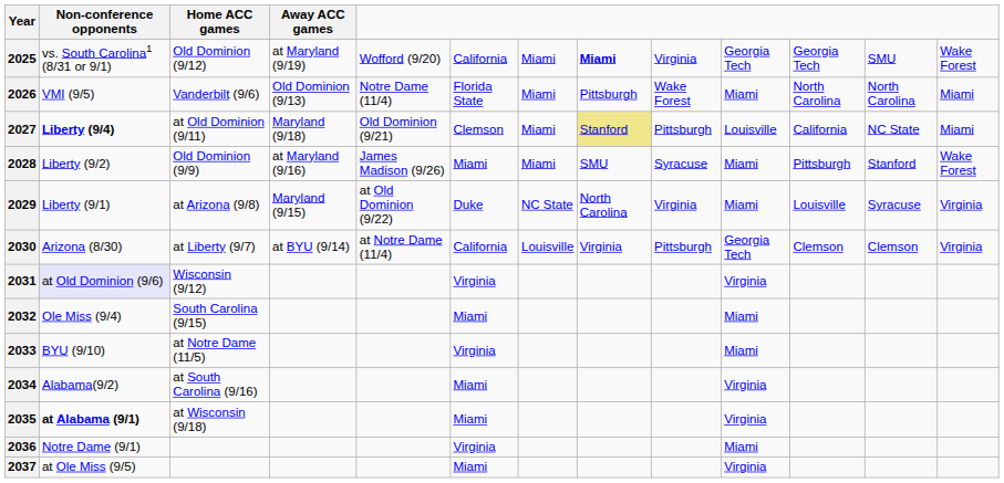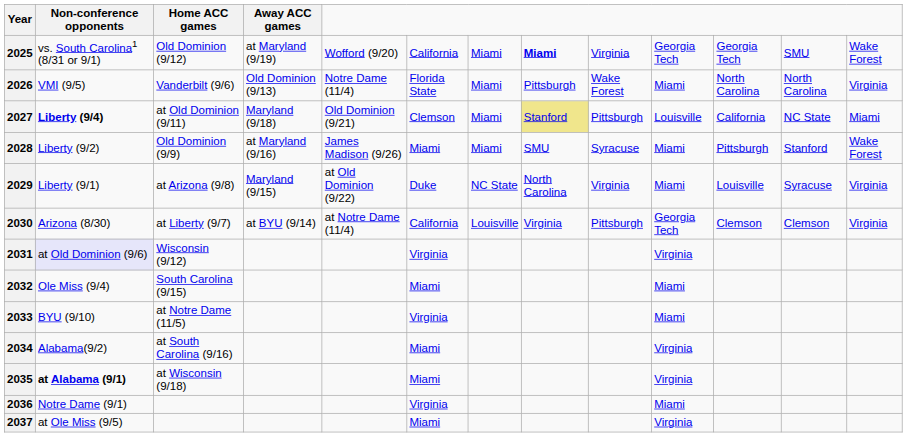 <table class="wikitable">
 <tr>
 <th style="background:#">Year</th>
 <th style="background:#">Non-conference opponents</th>
 <th style="background:#">Home ACC games</th>
 <th style="background:#">Away ACC games</th>
 </tr>
 <tr>
 <th style="background:#">2025</th>
 <td>vs. <a href='#'>South Carolina</a><sup>1</sup> (8/31 or 9/1)</td>
 <td><a href='#'>Old Dominion</a> (9/12)</td>
 <td>at <a href='#'>Maryland</a> (9/19)</td>
 <td><a href='#'>Wofford</a> (9/20)</td>
 <td><a href='#'>California</a></td>
 <td><a href='#'>Miami</a></td>
 <td><strong><a href='#'>Miami</a></strong></td>
 <td><a href='#'>Virginia</a></td>
 <td><a href='#'>Georgia Tech</a></td>
 <td><a href='#'>Georgia Tech</a></td>
 <td><a href='#'>SMU</a></td>
 <td><a href='#'>Wake Forest</a></td>
 </tr>
 <tr>
 <th style="background:#">2026</th>
 <td><a href='#'>VMI</a> (9/5)</td>
 <td><a href='#'>Vanderbilt</a> (9/6)</td>
 <td><a href='#'>Old Dominion</a> (9/13)</td>
 <td><a href='#'>Notre Dame</a> (11/4)</td>
 <td><a href='#'>Florida State</a></td>
 <td><a href='#'>Miami</a></td>
 <td><a href='#'>Pittsburgh</a></td>
 <td><a href='#'>Wake Forest</a></td>
 <td><a href='#'>Miami</a></td>
 <td><a href='#'>North Carolina</a></td>
 <td><a href='#'>North Carolina</a></td>
-<td><a href='#'>Miami</a></td>
+<td><a href='#'>Virginia</a></td>
 </tr>
 <tr>
 <th style="background:#">2027</th>
 <td><strong><a href='#'>Liberty</a>  (9/4)</strong></td>
 <td>at <a href='#'>Old Dominion</a> (9/11)</td>
 <td><a href='#'>Maryland</a> (9/18)</td>
 <td><a href='#'>Old Dominion</a> (9/21)</td>
 <td><a href='#'>Clemson</a></td>
 <td><a href='#'>Miami</a></td>
 <td style="background: khaki;"><a href='#'>Stanford</a></td>
 <td><a href='#'>Pittsburgh</a></td>
 <td><a href='#'>Louisville</a></td>
 <td><a href='#'>California</a></td>
 <td><a href='#'>NC State</a></td>
 <td><a href='#'>Miami</a></td>
 </tr>
 <tr>
 <th style="background:#">2028</th>
 <td><a href='#'>Liberty</a> (9/2)</td>
 <td><a href='#'>Old Dominion</a> (9/9)</td>
 <td>at <a href='#'>Maryland</a> (9/16)</td>
 <td><a href='#'>James Madison</a> (9/26)</td>
 <td><a href='#'>Miami</a></td>
 <td><a href='#'>Miami</a></td>
 <td><a href='#'>SMU</a></td>
 <td><a href='#'>Syracuse</a></td>
 <td><a href='#'>Miami</a></td>
 <td><a href='#'>Pittsburgh</a></td>
 <td><a href='#'>Stanford</a></td>
 <td><a href='#'>Wake Forest</a></td>
 </tr>
 <tr>
 <th style="background:#">2029</th>
 <td><a href='#'>Liberty</a> (9/1)</td>
 <td>at <a href='#'>Arizona</a> (9/8)</td>
 <td><a href='#'>Maryland</a> (9/15)</td>
 <td>at <a href='#'>Old Dominion</a> (9/22)</td>
 <td><a href='#'>Duke</a></td>
 <td><a href='#'>NC State</a></td>
 <td><a href='#'>North Carolina</a></td>
 <td><a href='#'>Virginia</a></td>
 <td><a href='#'>Miami</a></td>
 <td><a href='#'>Louisville</a></td>
 <td><a href='#'>Syracuse</a></td>
 <td><a href='#'>Virginia</a></td>
 </tr>
 <tr>
 <th style="background:#">2030</th>
 <td><a href='#'>Arizona</a> (8/30)</td>
 <td>at <a href='#'>Liberty</a> (9/7)</td>
 <td>at <a href='#'>BYU</a> (9/14)</td>
 <td>at <a href='#'>Notre Dame</a> (11/4)</td>
 <td><a href='#'>California</a></td>
 <td><a href='#'>Louisville</a></td>
 <td><a href='#'>Virginia</a></td>
 <td><a href='#'>Pittsburgh</a></td>
 <td><a href='#'>Georgia Tech</a></td>
 <td><a href='#'>Clemson</a></td>
 <td><a href='#'>Clemson</a></td>
 <td><a href='#'>Virginia</a></td>
 </tr>
 <tr>
 <th style="background:#">2031</th>
 <td style="background: lavender;">at <a href='#'>Old Dominion</a> (9/6)</td>
 <td><a href='#'>Wisconsin</a> (9/12)</td>
 <td></td>
 <td></td>
 <td><a href='#'>Virginia</a></td>
 <td></td>
 <td></td>
 <td></td>
 <td><a href='#'>Virginia</a></td>
 <td></td>
 <td></td>
 <td></td>
 </tr>
 <tr>
 <th style="background:#">2032</th>
 <td><a href='#'>Ole Miss</a> (9/4)</td>
 <td><a href='#'>South Carolina</a> (9/15)</td>
 <td></td>
 <td></td>
 <td><a href='#'>Miami</a></td>
 <td></td>
 <td></td>
 <td></td>
 <td><a href='#'>Miami</a></td>
 <td></td>
 <td></td>
 <td></td>
 </tr>
 <tr>
 <th style="background:#">2033</th>
 <td><a href='#'>BYU</a> (9/10)</td>
 <td>at <a href='#'>Notre Dame</a> (11/5)</td>
 <td></td>
 <td></td>
 <td><a href='#'>Virginia</a></td>
 <td></td>
 <td></td>
 <td></td>
 <td><a href='#'>Miami</a></td>
 <td></td>
 <td></td>
 <td></td>
 </tr>
 <tr>
 <th style="background:#">2034</th>
 <td><a href='#'>Alabama</a>(9/2)</td>
 <td>at <a href='#'>South Carolina</a> (9/16)</td>
 <td></td>
 <td></td>
 <td><a href='#'>Miami</a></td>
 <td></td>
 <td></td>
 <td></td>
 <td><a href='#'>Virginia</a></td>
 <td></td>
 <td></td>
 <td></td>
 </tr>
 <tr>
 <th style="background:#">2035</th>
 <td><strong>at <a href='#'>Alabama</a> (9/1)</strong></td>
 <td>at <a href='#'>Wisconsin</a> (9/18)</td>
 <td></td>
 <td></td>
 <td><a href='#'>Miami</a></td>
 <td></td>
 <td></td>
 <td></td>
 <td><a href='#'>Virginia</a></td>
 <td></td>
 <td></td>
 <td></td>
 </tr>
 <tr>
 <th style="background:#">2036</th>
 <td><a href='#'>Notre Dame</a> (9/1)</td>
 <td></td>
 <td></td>
 <td></td>
 <td><a href='#'>Virginia</a></td>
 <td></td>
 <td></td>
 <td></td>
 <td><a href='#'>Miami</a></td>
 <td></td>
 <td></td>
 <td></td>
 </tr>
 <tr>
 <th style="background:#">2037</th>
 <td>at <a href='#'>Ole Miss</a> (9/5)</td>
 <td></td>
 <td></td>
 <td></td>
 <td><a href='#'>Miami</a></td>
 <td></td>
 <td></td>
 <td></td>
 <td><a href='#'>Virginia</a></td>
 <td></td>
 <td></td>
 <td></td>
 </tr>
 </table>
